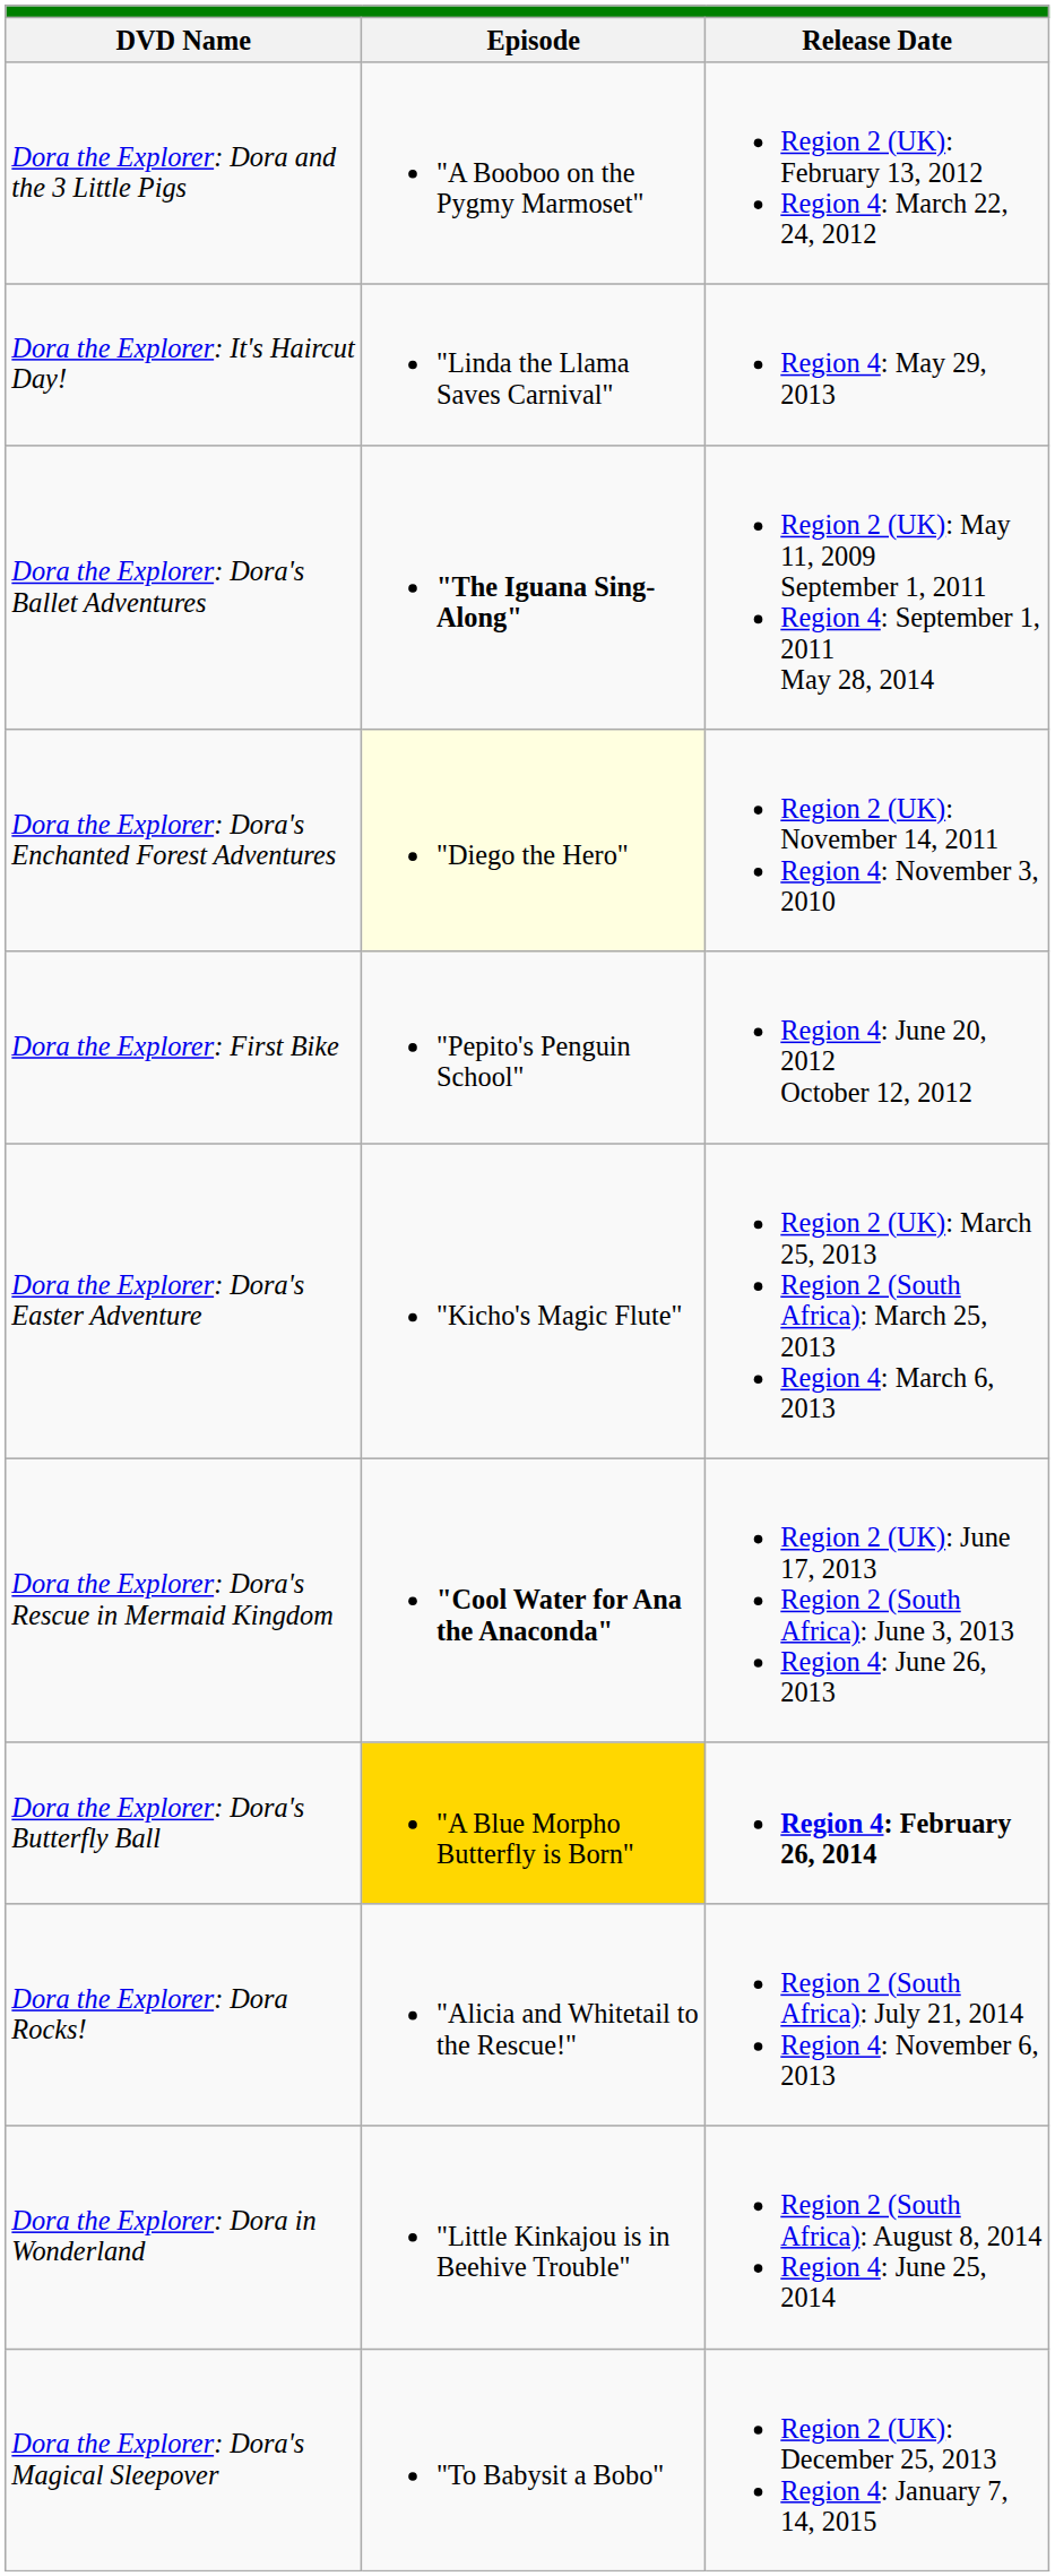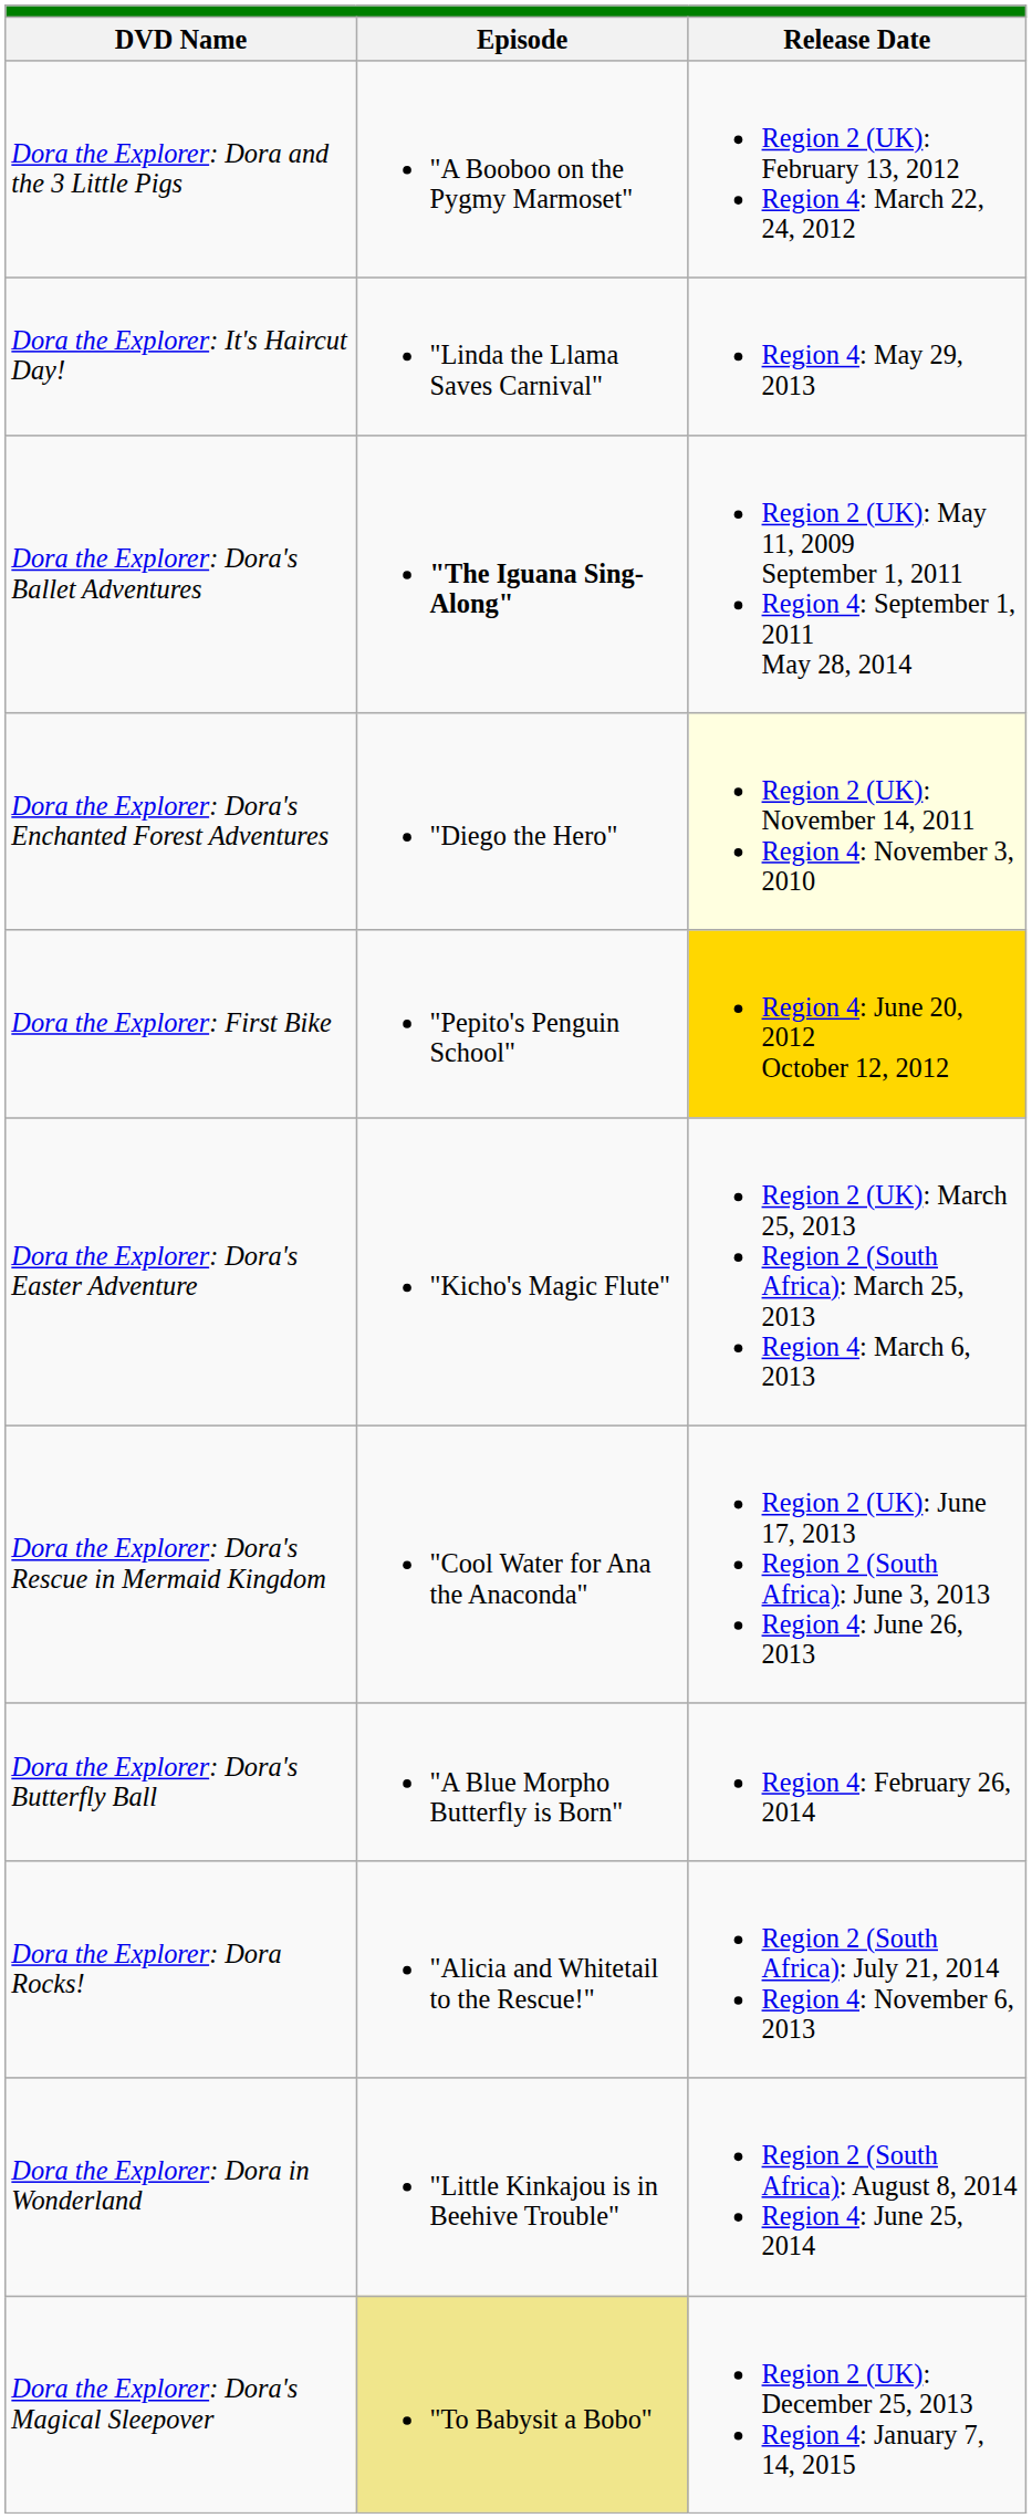 <table class="wikitable">
 <tr>
 <td colspan="4"  style="background:green; color:yellow; font-size:100%; text-align:center;"></td>
 </tr>
 <tr>
 <th>DVD Name</th>
 <th>Episode</th>
 <th>Release Date</th>
 </tr>
 <tr>
 <td><em><a href='#'>Dora the Explorer</a>: Dora and the 3 Little Pigs</em></td>
 <td><br><ul><li>"A Booboo on the Pygmy Marmoset"</li></ul></td>
 <td><br><ul><li><a href='#'>Region 2 (UK)</a>: February 13, 2012</li><li><a href='#'>Region 4</a>: March 22, 24, 2012</li></ul></td>
 </tr>
 <tr>
 <td><em><a href='#'>Dora the Explorer</a>: It's Haircut Day!</em></td>
 <td><br><ul><li>"Linda the Llama Saves Carnival"</li></ul></td>
 <td><br><ul><li><a href='#'>Region 4</a>: May 29, 2013</li></ul></td>
 </tr>
 <tr>
 <td><em><a href='#'>Dora the Explorer</a>: Dora's Ballet Adventures</em></td>
 <td><strong><br><ul><li>"The Iguana Sing-Along"</li></ul></strong></td>
 <td><br><ul><li><a href='#'>Region 2 (UK)</a>: May 11, 2009<br>September 1, 2011</li><li><a href='#'>Region 4</a>: September 1, 2011<br>May 28, 2014</li></ul></td>
 </tr>
 <tr>
 <td><em><a href='#'>Dora the Explorer</a>: Dora's Enchanted Forest Adventures</em></td>
-<td style="background: lightyellow;"><br><ul><li>"Diego the Hero"</li></ul></td>
-<td><br><ul><li><a href='#'>Region 2 (UK)</a>: November 14, 2011</li><li><a href='#'>Region 4</a>: November 3, 2010</li></ul></td>
+<td><br><ul><li>"Diego the Hero"</li></ul></td>
+<td style="background: lightyellow;"><br><ul><li><a href='#'>Region 2 (UK)</a>: November 14, 2011</li><li><a href='#'>Region 4</a>: November 3, 2010</li></ul></td>
 </tr>
 <tr>
 <td><em><a href='#'>Dora the Explorer</a>: First Bike </em></td>
 <td><br><ul><li>"Pepito's Penguin School"</li></ul></td>
-<td><br><ul><li><a href='#'>Region 4</a>: June 20, 2012<br>October 12, 2012</li></ul></td>
+<td style="background: gold;"><br><ul><li><a href='#'>Region 4</a>: June 20, 2012<br>October 12, 2012</li></ul></td>
 </tr>
 <tr>
 <td><em><a href='#'>Dora the Explorer</a>: Dora's Easter Adventure</em></td>
 <td><br><ul><li>"Kicho's Magic Flute"</li></ul></td>
 <td><br><ul><li><a href='#'>Region 2 (UK)</a>: March 25, 2013</li><li><a href='#'>Region 2 (South Africa)</a>: March 25, 2013</li><li><a href='#'>Region 4</a>: March 6, 2013</li></ul></td>
 </tr>
 <tr>
 <td><em><a href='#'>Dora the Explorer</a>: Dora's Rescue in Mermaid Kingdom</em></td>
-<td><strong><br><ul><li>"Cool Water for Ana the Anaconda"</li></ul></strong></td>
+<td><br><ul><li>"Cool Water for Ana the Anaconda"</li></ul></td>
 <td><br><ul><li><a href='#'>Region 2 (UK)</a>: June 17, 2013</li><li><a href='#'>Region 2 (South Africa)</a>: June 3, 2013</li><li><a href='#'>Region 4</a>: June 26, 2013</li></ul></td>
 </tr>
 <tr>
 <td><em><a href='#'>Dora the Explorer</a>: Dora's Butterfly Ball</em></td>
-<td style="background: gold;"><br><ul><li>"A Blue Morpho Butterfly is Born"</li></ul></td>
-<td><strong><br><ul><li><a href='#'>Region 4</a>: February 26, 2014</li></ul></strong></td>
+<td><br><ul><li>"A Blue Morpho Butterfly is Born"</li></ul></td>
+<td><br><ul><li><a href='#'>Region 4</a>: February 26, 2014</li></ul></td>
 </tr>
 <tr>
 <td><em><a href='#'>Dora the Explorer</a>: Dora Rocks!</em></td>
 <td><br><ul><li>"Alicia and Whitetail to the Rescue!"</li></ul></td>
 <td><br><ul><li><a href='#'>Region 2 (South Africa)</a>: July 21, 2014</li><li><a href='#'>Region 4</a>: November 6, 2013</li></ul></td>
 </tr>
 <tr>
 <td><em><a href='#'>Dora the Explorer</a>: Dora in Wonderland</em></td>
 <td><br><ul><li>"Little Kinkajou is in Beehive Trouble"</li></ul></td>
 <td><br><ul><li><a href='#'>Region 2 (South Africa)</a>: August 8, 2014</li><li><a href='#'>Region 4</a>: June 25, 2014</li></ul></td>
 </tr>
 <tr>
 <td><em><a href='#'>Dora the Explorer</a>: Dora's Magical Sleepover</em></td>
-<td><br><ul><li>"To Babysit a Bobo"</li></ul></td>
+<td style="background: khaki;"><br><ul><li>"To Babysit a Bobo"</li></ul></td>
 <td><br><ul><li><a href='#'>Region 2 (UK)</a>: December 25, 2013</li><li><a href='#'>Region 4</a>: January 7, 14, 2015</li></ul></td>
 </tr>
 </table>
